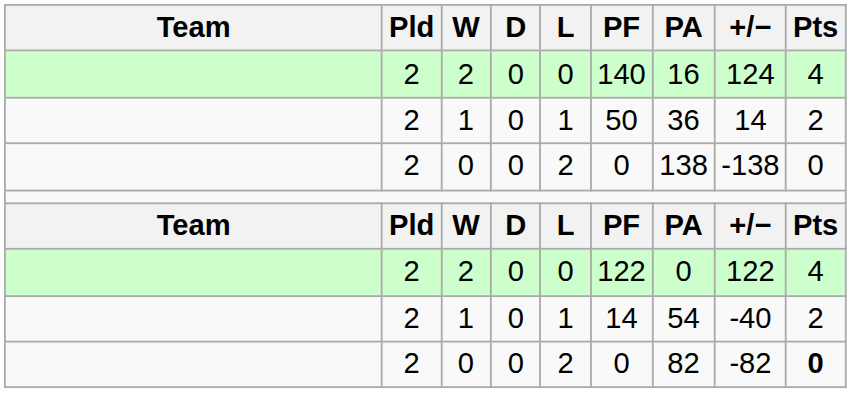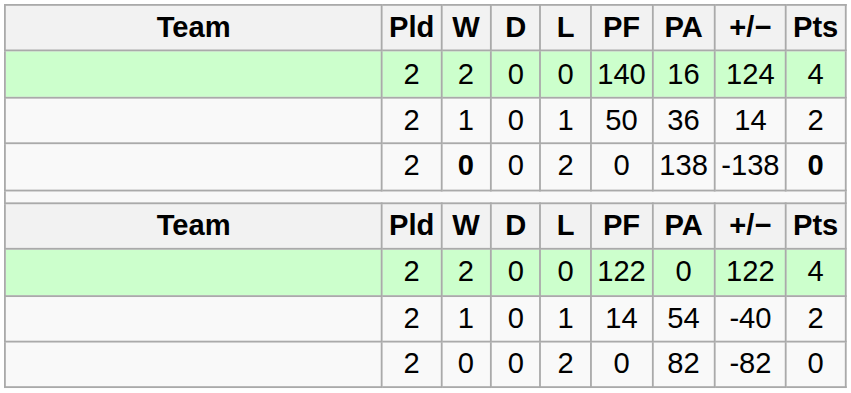 <table class="wikitable" style="text-align:center">
 <tr>
 <th width="200">Team</th>
 <th width="20">Pld</th>
 <th width="20">W</th>
 <th width="20">D</th>
 <th width="20">L</th>
 <th width="20">PF</th>
 <th width="20">PA</th>
 <th width="25">+/−</th>
 <th width="20">Pts</th>
 </tr>
 <tr style="background:#ccffcc;">
 <td align=left></td>
 <td>2</td>
 <td>2</td>
 <td>0</td>
 <td>0</td>
 <td>140</td>
 <td>16</td>
 <td>124</td>
 <td>4</td>
 </tr>
 <tr>
 <td align=left></td>
 <td>2</td>
 <td>1</td>
 <td>0</td>
 <td>1</td>
 <td>50</td>
 <td>36</td>
 <td>14</td>
 <td>2</td>
 </tr>
 <tr>
 <td align=left></td>
 <td>2</td>
-<td>0</td>
+<td><strong>0</strong></td>
 <td>0</td>
 <td>2</td>
 <td>0</td>
 <td>138</td>
 <td>-138</td>
-<td>0</td>
+<td><strong>0</strong></td>
 </tr>
 <tr>
 <td colspan=9></td>
 </tr>
 <tr>
 <th width="200">Team</th>
 <th width="20">Pld</th>
 <th width="20">W</th>
 <th width="20">D</th>
 <th width="20">L</th>
 <th width="20">PF</th>
 <th width="20">PA</th>
 <th width="25">+/−</th>
 <th width="20">Pts</th>
 </tr>
 <tr style="background:#ccffcc;">
 <td align=left></td>
 <td>2</td>
 <td>2</td>
 <td>0</td>
 <td>0</td>
 <td>122</td>
 <td>0</td>
 <td>122</td>
 <td>4</td>
 </tr>
 <tr>
 <td align=left></td>
 <td>2</td>
 <td>1</td>
 <td>0</td>
 <td>1</td>
 <td>14</td>
 <td>54</td>
 <td>-40</td>
 <td>2</td>
 </tr>
 <tr>
 <td align=left></td>
 <td>2</td>
 <td>0</td>
 <td>0</td>
 <td>2</td>
 <td>0</td>
 <td>82</td>
 <td>-82</td>
-<td><strong>0</strong></td>
+<td>0</td>
 </tr>
 </table>
